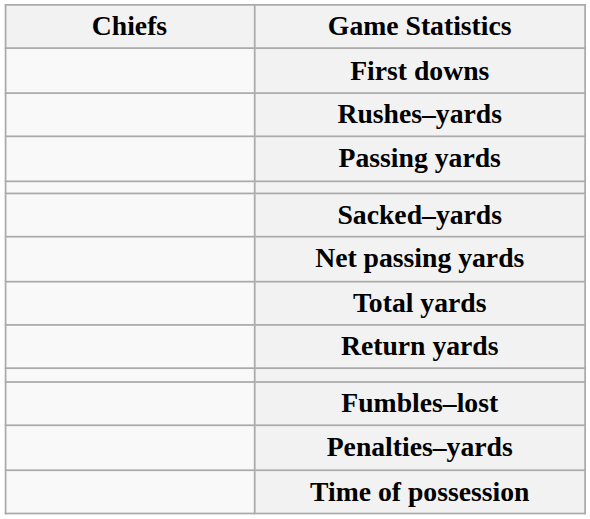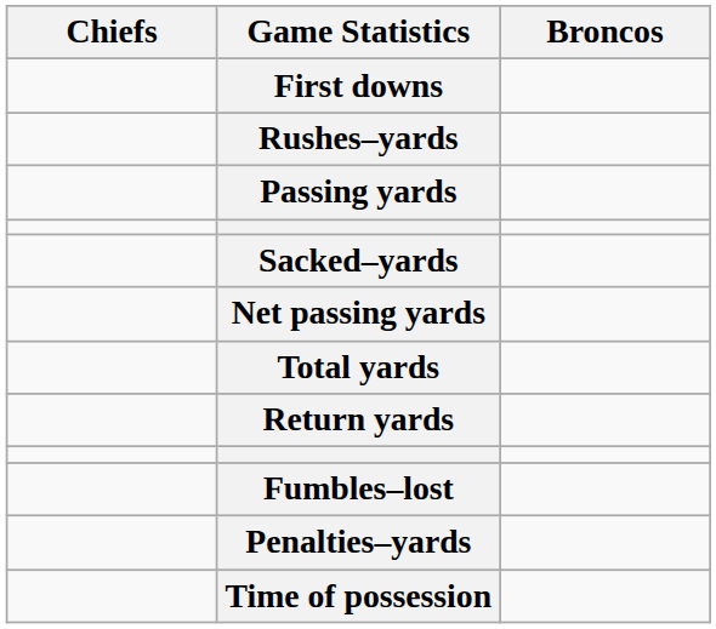 <table class="wikitable" style="margin: 1em auto 1em auto">
 <tr>
 <th style="width:30%;">Chiefs</th>
 <th style="width:40%;">Game Statistics</th>
+<th style="width:30%;">Broncos</th>
 </tr>
 <tr>
 <td style="text-align:right;"></td>
 <th>First downs</th>
+<td></td>
 </tr>
 <tr>
 <td style="text-align:right;"></td>
 <th>Rushes–yards</th>
+<td></td>
 </tr>
 <tr>
 <td style="text-align:right;"></td>
 <th>Passing yards</th>
+<td></td>
 </tr>
 <tr>
 <td style="text-align:right;"></td>
 <th></th>
+<td></td>
 </tr>
 <tr>
 <td style="text-align:right;"></td>
 <th>Sacked–yards</th>
+<td></td>
 </tr>
 <tr>
 <td style="text-align:right;"></td>
 <th>Net passing yards</th>
+<td></td>
 </tr>
 <tr>
 <td style="text-align:right;"></td>
 <th>Total yards</th>
+<td></td>
 </tr>
 <tr>
 <td style="text-align:right;"></td>
 <th>Return yards</th>
+<td></td>
 </tr>
 <tr>
 <td style="text-align:right;"></td>
 <th></th>
+<td></td>
 </tr>
 <tr>
 <td style="text-align:right;"></td>
 <th>Fumbles–lost</th>
+<td></td>
 </tr>
 <tr>
 <td style="text-align:right;"></td>
 <th>Penalties–yards</th>
+<td></td>
 </tr>
 <tr>
 <td style="text-align:right;"></td>
 <th>Time of possession</th>
+<td></td>
 </tr>
 </table>
